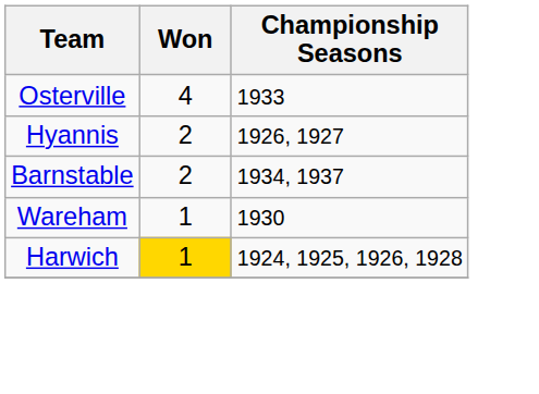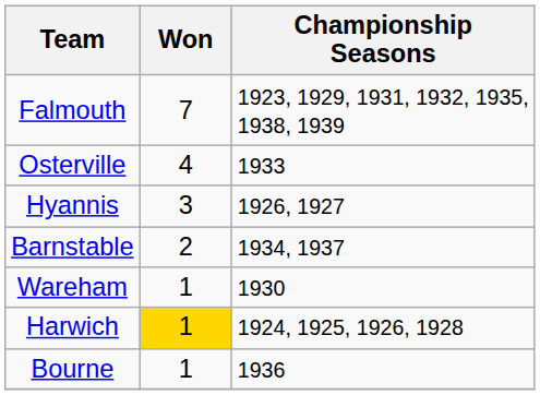 <table class="wikitable" style="display: inline-table; text-align:center">
 <tr>
 <th>Team</th>
 <th scope="col" style="width: 50px;">Won</th>
 <th>Championship<br>Seasons</th>
+</tr>
+<tr>
+<td><a href='#'>Falmouth</a></td>
+<td>7</td>
+<td style="text-align:left"><small>1923, 1929, 1931, 1932, 1935,<br>1938, 1939</small></td>
 </tr>
 <tr>
 <td><a href='#'>Osterville</a></td>
 <td>4</td>
 <td style="text-align:left"><small>1933</small></td>
 </tr>
 <tr>
 <td><a href='#'>Hyannis</a></td>
-<td>2</td>
+<td>3</td>
 <td style="text-align:left"><small>1926, 1927</small></td>
 </tr>
 <tr>
 <td><a href='#'>Barnstable</a></td>
 <td>2</td>
 <td style="text-align:left"><small>1934, 1937</small></td>
 </tr>
 <tr>
 <td><a href='#'>Wareham</a></td>
 <td>1</td>
 <td style="text-align:left"><small>1930</small></td>
 </tr>
 <tr>
 <td><a href='#'>Harwich</a></td>
 <td style="background: gold;">1</td>
 <td style="text-align:left"><small>1924, 1925, 1926, 1928</small></td>
 </tr>
 <tr>
+<td><a href='#'>Bourne</a></td>
+<td>1</td>
+<td style="text-align:left"><small>1936</small></td>
+</tr>
+<tr>
 </tr>
 </table>
